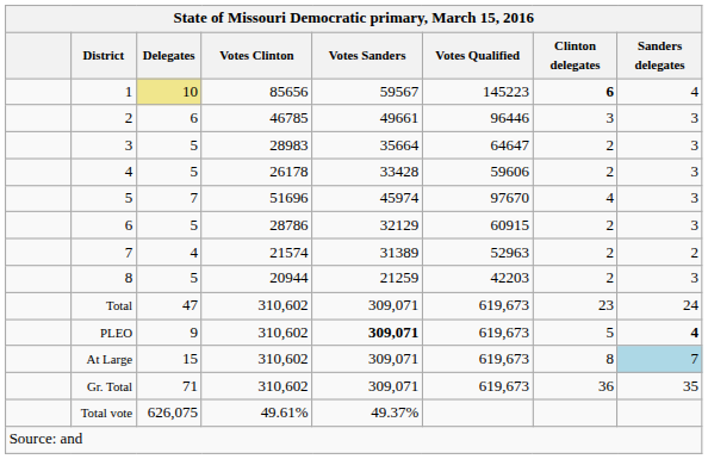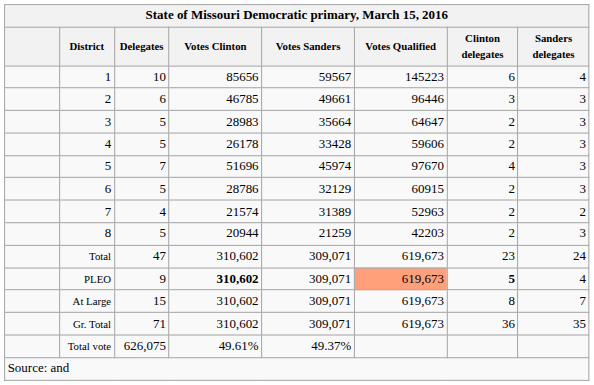 <table class="wikitable collapsible" cellpadding="5" style="text-align:right; font-size:12px;">
 <tr>
 <th colspan="8">State of Missouri Democratic primary, March 15, 2016</th>
 </tr>
 <tr>
 <th style="width:45px;"></th>
 <th style="width:45px;"><small>District</small></th>
 <th style="width:45px;"><small>Delegates</small></th>
 <th style="width:80px;"><small>Votes Clinton</small></th>
 <th style="width:80px;"><small>Votes Sanders</small></th>
 <th style="width:80px;"><small>Votes Qualified</small></th>
 <th style="width:60px;"><small>Clinton delegates</small></th>
 <th style="width:60px;"><small>Sanders delegates</small></th>
 </tr>
 <tr>
 <td style="text-align:left;"></td>
 <td>1</td>
-<td style="background: khaki;">10</td>
+<td>10</td>
 <td>85656</td>
 <td>59567</td>
 <td>145223</td>
-<td><strong>6</strong></td>
+<td>6</td>
 <td>4</td>
 </tr>
 <tr>
 <td style="text-align:left;"></td>
 <td>2</td>
 <td>6</td>
 <td>46785</td>
 <td>49661</td>
 <td>96446</td>
 <td>3</td>
 <td>3</td>
 </tr>
 <tr>
 <td style="text-align:left;"></td>
 <td>3</td>
 <td>5</td>
 <td>28983</td>
 <td>35664</td>
 <td>64647</td>
 <td>2</td>
 <td>3</td>
 </tr>
 <tr>
 <td style="text-align:left;"></td>
 <td>4</td>
 <td>5</td>
 <td>26178</td>
 <td>33428</td>
 <td>59606</td>
 <td>2</td>
 <td>3</td>
 </tr>
 <tr>
 <td style="text-align:left;"></td>
 <td>5</td>
 <td>7</td>
 <td>51696</td>
 <td>45974</td>
 <td>97670</td>
 <td>4</td>
 <td>3</td>
 </tr>
 <tr>
 <td style="text-align:left;"></td>
 <td>6</td>
 <td>5</td>
 <td>28786</td>
 <td>32129</td>
 <td>60915</td>
 <td>2</td>
 <td>3</td>
 </tr>
 <tr>
 <td style="text-align:left;"></td>
 <td>7</td>
 <td>4</td>
 <td>21574</td>
 <td>31389</td>
 <td>52963</td>
 <td>2</td>
 <td>2</td>
 </tr>
 <tr>
 <td style="text-align:left;"></td>
 <td>8</td>
 <td>5</td>
 <td>20944</td>
 <td>21259</td>
 <td>42203</td>
 <td>2</td>
 <td>3</td>
 </tr>
 <tr>
 <td style="text-align:left;"></td>
 <td><small>Total</small></td>
 <td>47</td>
 <td>310,602</td>
 <td>309,071</td>
 <td>619,673</td>
 <td>23</td>
 <td>24</td>
 </tr>
 <tr>
 <td style="text-align:left;"></td>
 <td><small>PLEO</small></td>
 <td>9</td>
-<td>310,602</td>
-<td><strong>309,071</strong></td>
-<td>619,673</td>
-<td>5</td>
-<td><strong>4</strong></td>
+<td><strong>310,602</strong></td>
+<td>309,071</td>
+<td style="background: lightsalmon;">619,673</td>
+<td><strong>5</strong></td>
+<td>4</td>
 </tr>
 <tr>
 <td style="text-align:left;"></td>
 <td><small>At Large</small></td>
 <td>15</td>
 <td>310,602</td>
 <td>309,071</td>
 <td>619,673</td>
 <td>8</td>
-<td style="background: lightblue;">7</td>
+<td>7</td>
 </tr>
 <tr>
 <td style="text-align:left;"></td>
 <td><small>Gr. Total</small></td>
 <td>71</td>
 <td>310,602</td>
 <td>309,071</td>
 <td>619,673</td>
 <td>36</td>
 <td>35</td>
 </tr>
 <tr>
 <td style="text-align:left;"></td>
 <td><small>Total vote</small></td>
 <td>626,075</td>
 <td>49.61%</td>
 <td>49.37%</td>
 <td></td>
 <td></td>
 <td></td>
 </tr>
 <tr>
 <td colspan="8" style="text-align:left;">Source: <em></em> and <em></em></td>
 </tr>
 </table>
